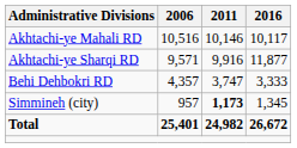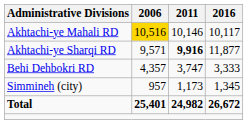 <table class="wikitable">
 <tr>
 <th>Administrative Divisions</th>
 <th>2006</th>
 <th>2011</th>
 <th>2016</th>
 </tr>
 <tr>
 <td><a href='#'>Akhtachi-ye Mahali RD</a></td>
-<td style="text-align: right;">10,516</td>
+<td style="background: gold; text-align: right;">10,516</td>
 <td style="text-align: right;">10,146</td>
 <td style="text-align: right;">10,117</td>
 </tr>
 <tr>
 <td><a href='#'>Akhtachi-ye Sharqi RD</a></td>
 <td style="text-align: right;">9,571</td>
-<td style="text-align: right;">9,916</td>
+<td style="text-align: right;"><strong>9,916</strong></td>
 <td style="text-align: right;">11,877</td>
 </tr>
 <tr>
 <td><a href='#'>Behi Dehbokri RD</a></td>
 <td style="text-align: right;">4,357</td>
 <td style="text-align: right;">3,747</td>
 <td style="text-align: right;">3,333</td>
 </tr>
 <tr>
 <td><a href='#'>Simmineh</a> (city)</td>
 <td style="text-align: right;">957</td>
-<td style="text-align: right;"><strong>1,173</strong></td>
+<td style="text-align: right;">1,173</td>
 <td style="text-align: right;">1,345</td>
 </tr>
 <tr>
 <td><strong>Total</strong></td>
 <td style="text-align: right;"><strong>25,401</strong></td>
 <td style="text-align: right;"><strong>24,982</strong></td>
 <td style="text-align: right;"><strong>26,672</strong></td>
 </tr>
 <tr>
 <td colspan=4></td>
 </tr>
 </table>
